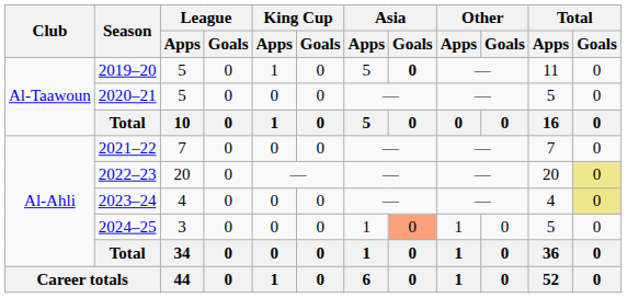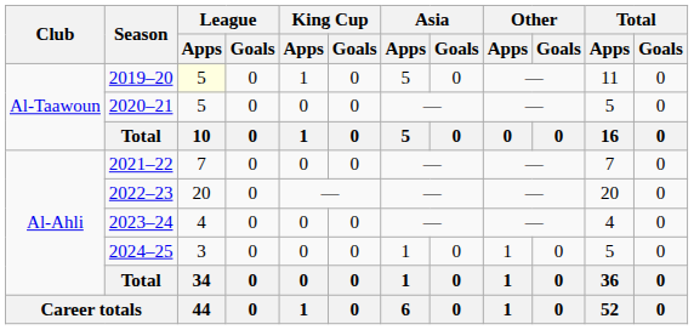 <table class="wikitable" style="text-align: center">
 <tr>
 <th rowspan=2>Club</th>
 <th rowspan=2>Season</th>
 <th colspan=2>League</th>
 <th colspan=2>King Cup</th>
 <th colspan=2>Asia</th>
 <th colspan=2>Other</th>
 <th colspan=2>Total</th>
 </tr>
 <tr>
 <th>Apps</th>
 <th>Goals</th>
 <th>Apps</th>
 <th>Goals</th>
 <th>Apps</th>
 <th>Goals</th>
 <th>Apps</th>
 <th>Goals</th>
 <th>Apps</th>
 <th>Goals</th>
 </tr>
 <tr>
 <td rowspan=3><a href='#'>Al-Taawoun</a></td>
 <td><a href='#'>2019–20</a></td>
-<td>5</td>
+<td style="background: lightyellow;">5</td>
 <td>0</td>
 <td>1</td>
 <td>0</td>
 <td>5</td>
-<td><strong>0</strong></td>
+<td>0</td>
 <td colspan=2>—</td>
 <td>11</td>
 <td>0</td>
 </tr>
 <tr>
 <td><a href='#'>2020–21</a></td>
 <td>5</td>
 <td>0</td>
 <td>0</td>
 <td>0</td>
 <td colspan=2>—</td>
 <td colspan=2>—</td>
 <td>5</td>
 <td>0</td>
 </tr>
 <tr>
 <th>Total</th>
 <th>10</th>
 <th>0</th>
 <th>1</th>
 <th>0</th>
 <th>5</th>
 <th>0</th>
 <th>0</th>
 <th>0</th>
 <th>16</th>
 <th>0</th>
 </tr>
 <tr>
 <td rowspan=5><a href='#'>Al-Ahli</a></td>
 <td><a href='#'>2021–22</a></td>
 <td>7</td>
 <td>0</td>
 <td>0</td>
 <td>0</td>
 <td colspan=2>—</td>
 <td colspan=2>—</td>
 <td>7</td>
 <td>0</td>
 </tr>
 <tr>
 <td><a href='#'>2022–23</a></td>
 <td>20</td>
 <td>0</td>
 <td colspan=2>—</td>
 <td colspan=2>—</td>
 <td colspan=2>—</td>
 <td>20</td>
-<td style="background: khaki;">0</td>
+<td>0</td>
 </tr>
 <tr>
 <td><a href='#'>2023–24</a></td>
 <td>4</td>
 <td>0</td>
 <td>0</td>
 <td>0</td>
 <td colspan=2>—</td>
 <td colspan=2>—</td>
 <td>4</td>
-<td style="background: khaki;">0</td>
+<td>0</td>
 </tr>
 <tr>
 <td><a href='#'>2024–25</a></td>
 <td>3</td>
 <td>0</td>
 <td>0</td>
 <td>0</td>
 <td>1</td>
-<td style="background: lightsalmon;">0</td>
+<td>0</td>
 <td>1</td>
 <td>0</td>
 <td>5</td>
 <td>0</td>
 </tr>
 <tr>
 <th>Total</th>
 <th>34</th>
 <th>0</th>
 <th>0</th>
 <th>0</th>
 <th>1</th>
 <th>0</th>
 <th>1</th>
 <th>0</th>
 <th>36</th>
 <th>0</th>
 </tr>
 <tr>
 <th colspan=2>Career totals</th>
 <th>44</th>
 <th>0</th>
 <th>1</th>
 <th>0</th>
 <th>6</th>
 <th>0</th>
 <th>1</th>
 <th>0</th>
 <th>52</th>
 <th>0</th>
 </tr>
 </table>
